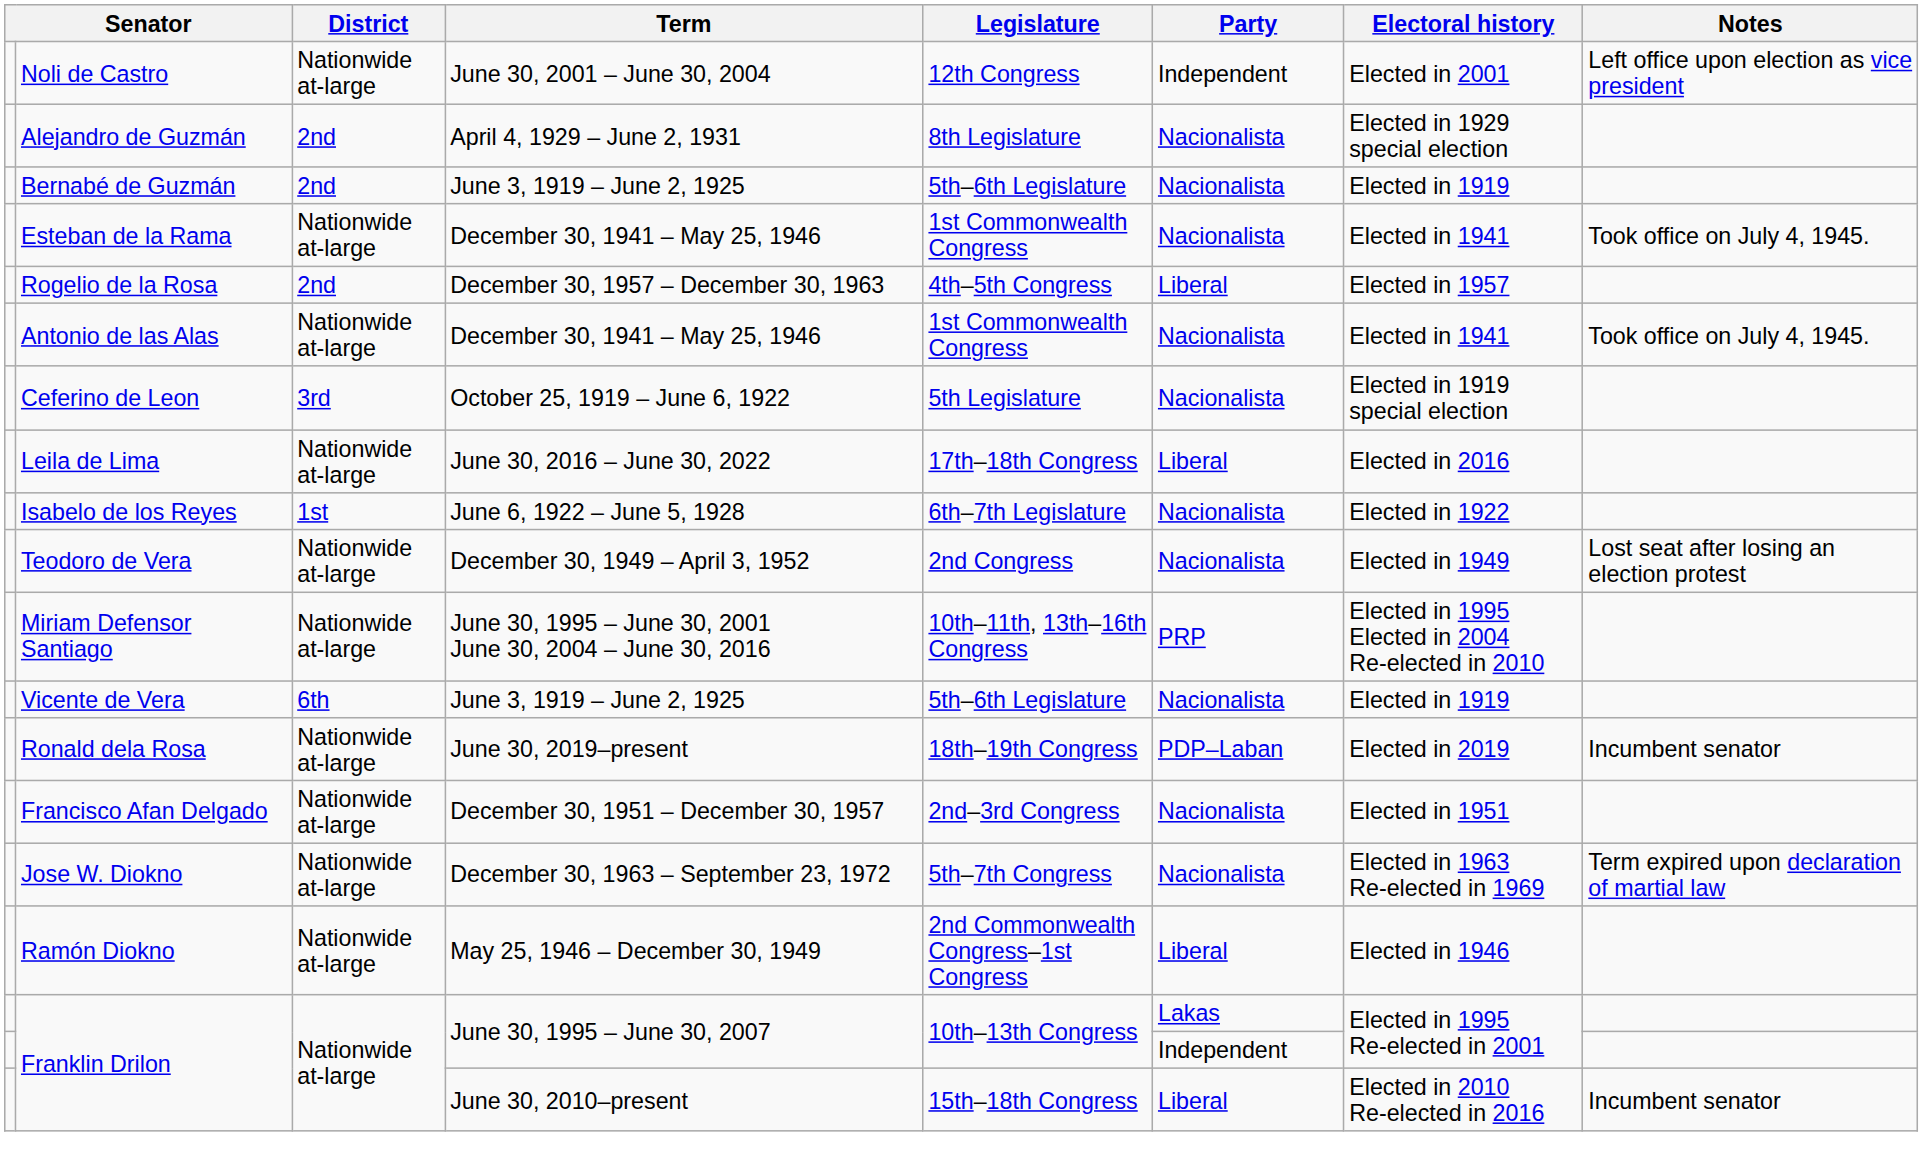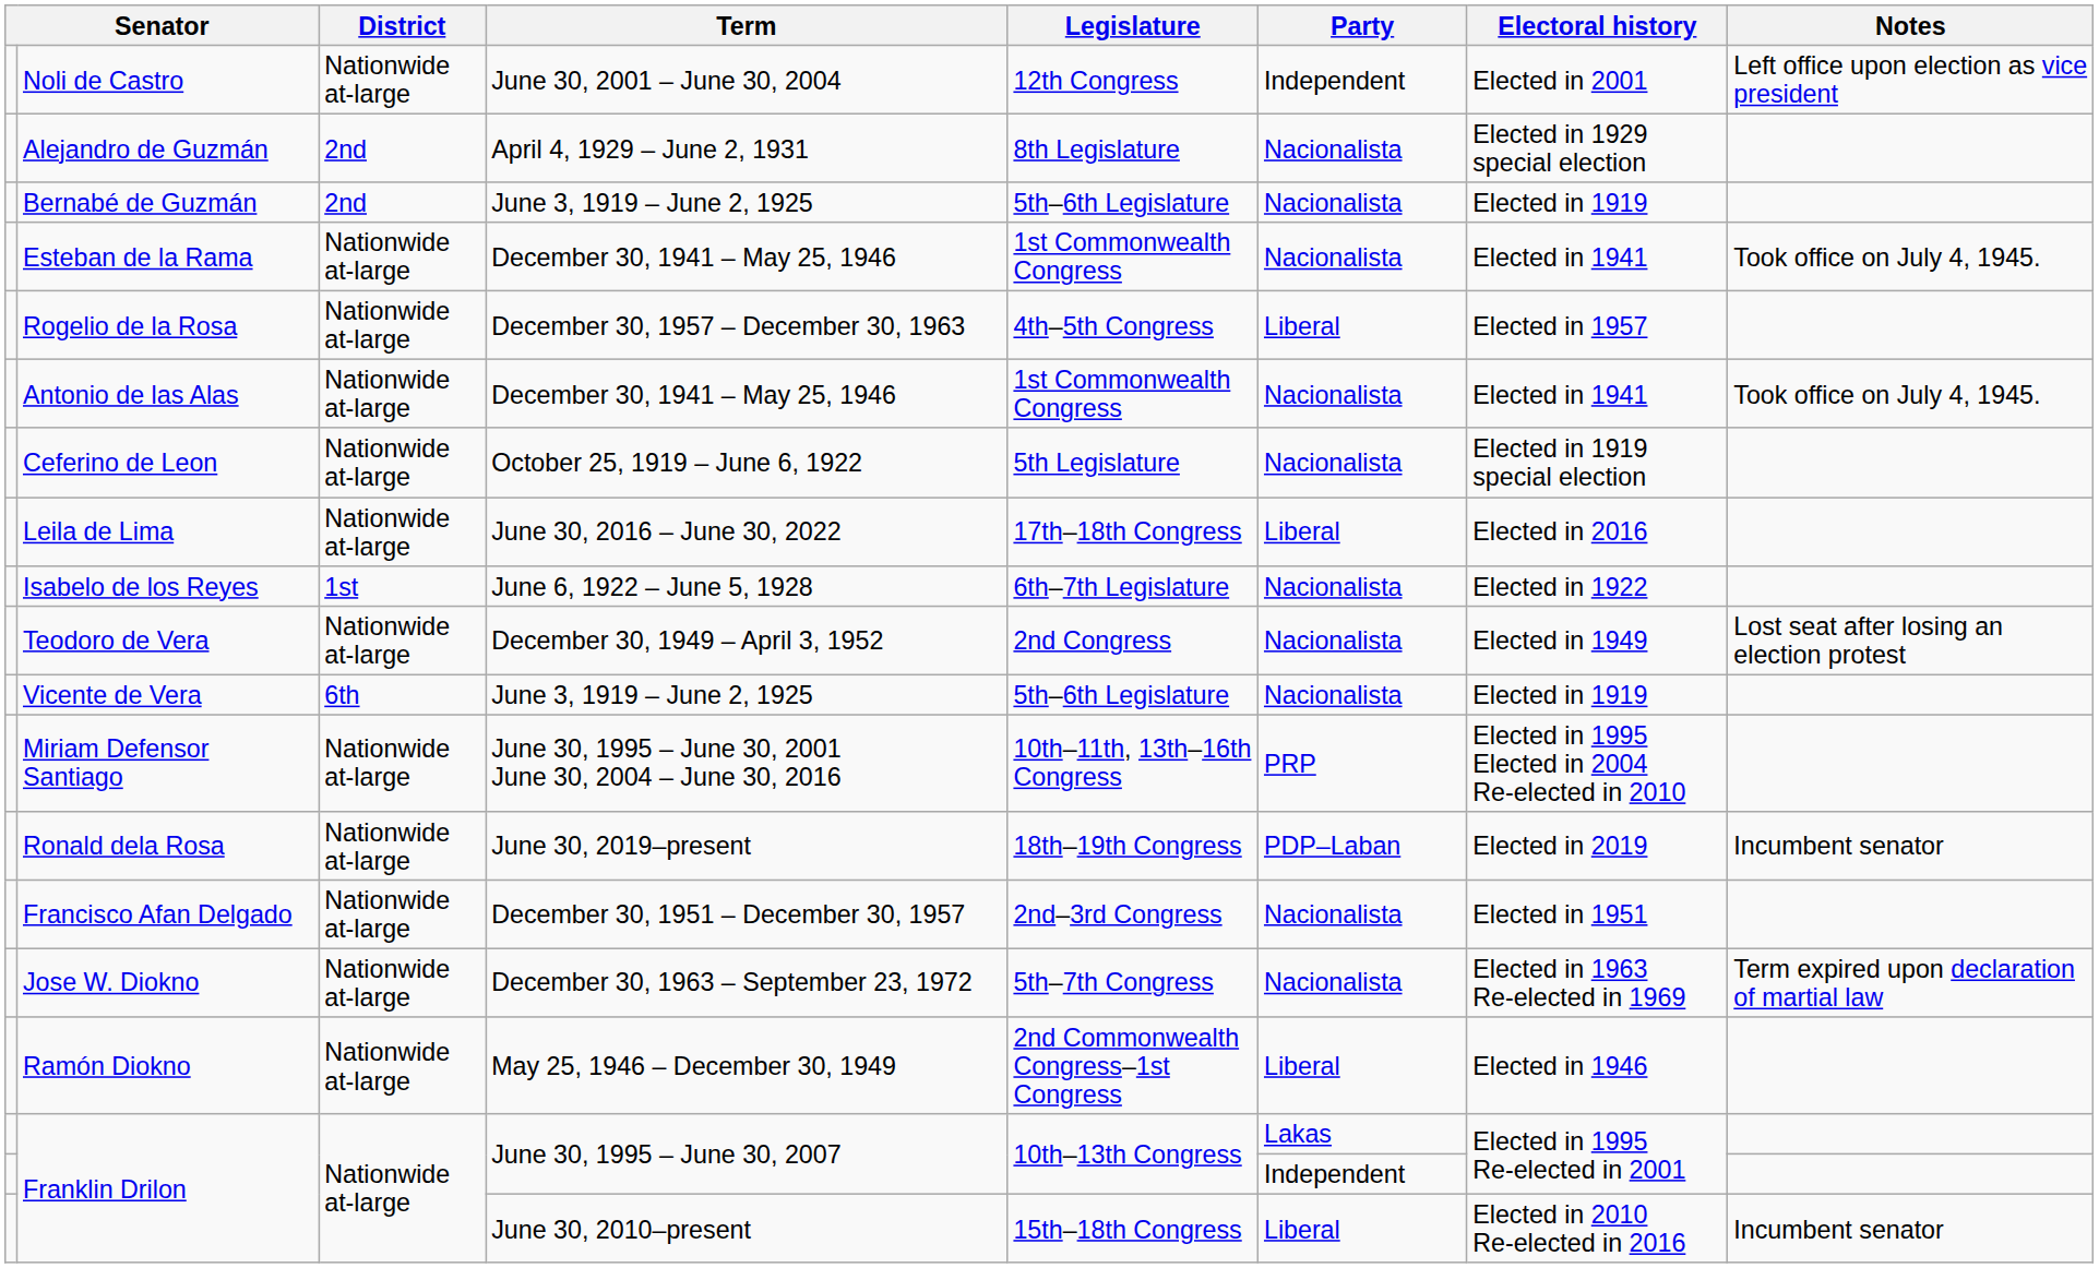 <table class="wikitable" style="font-size:95%" width=99%>
 <tr>
 <th width=15% colspan="2">Senator</th>
 <th width=8%><a href='#'>District</a></th>
 <th width=25%>Term</th>
 <th width=12%><a href='#'>Legislature</a></th>
 <th width=10%><a href='#'>Party</a></th>
 <th width=12.5%><a href='#'>Electoral history</a></th>
 <th width=17.5%>Notes</th>
 </tr>
 <tr>
 <td style="background-color:"></td>
 <td><a href='#'>Noli de Castro</a></td>
 <td>Nationwide at-large</td>
 <td>June 30, 2001 – June 30, 2004</td>
 <td><a href='#'>12th Congress</a></td>
 <td>Independent</td>
 <td>Elected in <a href='#'>2001</a></td>
 <td>Left office upon election as <a href='#'>vice president</a></td>
 </tr>
 <tr>
 <td style="background-color:"></td>
 <td><a href='#'>Alejandro de Guzmán</a></td>
 <td><a href='#'>2nd</a></td>
 <td>April 4, 1929 – June 2, 1931</td>
 <td><a href='#'>8th Legislature</a></td>
 <td><a href='#'>Nacionalista</a></td>
 <td>Elected in 1929 special election</td>
 <td></td>
 </tr>
 <tr>
 <td style="background-color:"></td>
 <td><a href='#'>Bernabé de Guzmán</a></td>
 <td><a href='#'>2nd</a></td>
 <td>June 3, 1919 – June 2, 1925</td>
 <td><a href='#'>5th</a>–<a href='#'>6th Legislature</a></td>
 <td><a href='#'>Nacionalista</a></td>
 <td>Elected in <a href='#'>1919</a></td>
 <td></td>
 </tr>
 <tr>
 <td style="background-color:"></td>
 <td><a href='#'>Esteban de la Rama</a></td>
 <td>Nationwide at-large</td>
 <td>December 30, 1941 – May 25, 1946</td>
 <td><a href='#'>1st Commonwealth Congress</a></td>
 <td><a href='#'>Nacionalista</a></td>
 <td>Elected in <a href='#'>1941</a></td>
 <td>Took office on July 4, 1945.</td>
 </tr>
 <tr>
 <td style="background-color:"></td>
 <td><a href='#'>Rogelio de la Rosa</a></td>
-<td><a href='#'>2nd</a></td>
+<td>Nationwide at-large</td>
 <td>December 30, 1957 – December 30, 1963</td>
 <td><a href='#'>4th</a>–<a href='#'>5th Congress</a></td>
 <td><a href='#'>Liberal</a></td>
 <td>Elected in <a href='#'>1957</a></td>
 <td></td>
 </tr>
 <tr>
 <td style="background-color:"></td>
 <td><a href='#'>Antonio de las Alas</a></td>
 <td>Nationwide at-large</td>
 <td>December 30, 1941 – May 25, 1946</td>
 <td><a href='#'>1st Commonwealth Congress</a></td>
 <td><a href='#'>Nacionalista</a></td>
 <td>Elected in <a href='#'>1941</a></td>
 <td>Took office on July 4, 1945.</td>
 </tr>
 <tr>
 <td style="background-color:"></td>
 <td><a href='#'>Ceferino de Leon</a></td>
-<td><a href='#'>3rd</a></td>
+<td>Nationwide at-large</td>
 <td>October 25, 1919 – June 6, 1922</td>
 <td><a href='#'>5th Legislature</a></td>
 <td><a href='#'>Nacionalista</a></td>
 <td>Elected in 1919 special election</td>
 <td></td>
 </tr>
 <tr>
 <td style="background-color:"></td>
 <td><a href='#'>Leila de Lima</a></td>
 <td>Nationwide at-large</td>
 <td>June 30, 2016 – June 30, 2022</td>
 <td><a href='#'>17th</a>–<a href='#'>18th Congress</a></td>
 <td><a href='#'>Liberal</a></td>
 <td>Elected in <a href='#'>2016</a></td>
 <td></td>
 </tr>
 <tr>
 <td style="background-color:"></td>
 <td><a href='#'>Isabelo de los Reyes</a></td>
 <td><a href='#'>1st</a></td>
 <td>June 6, 1922 – June 5, 1928</td>
 <td><a href='#'>6th</a>–<a href='#'>7th Legislature</a></td>
 <td><a href='#'>Nacionalista</a></td>
 <td>Elected in <a href='#'>1922</a></td>
 <td></td>
 </tr>
 <tr>
 <td style="background-color:"></td>
 <td><a href='#'>Teodoro de Vera</a></td>
 <td>Nationwide at-large</td>
 <td>December 30, 1949 – April 3, 1952</td>
 <td><a href='#'>2nd Congress</a></td>
 <td><a href='#'>Nacionalista</a></td>
 <td>Elected in <a href='#'>1949</a></td>
 <td>Lost seat after losing an election protest</td>
 </tr>
 <tr>
 <td style="background-color:"></td>
+<td><a href='#'>Vicente de Vera</a></td>
+<td><a href='#'>6th</a></td>
+<td>June 3, 1919 – June 2, 1925</td>
+<td><a href='#'>5th</a>–<a href='#'>6th Legislature</a></td>
+<td><a href='#'>Nacionalista</a></td>
+<td>Elected in <a href='#'>1919</a></td>
+<td></td>
+</tr>
+<tr>
+<td style="background-color:"></td>
 <td><a href='#'>Miriam Defensor Santiago</a></td>
 <td>Nationwide at-large</td>
 <td>June 30, 1995 – June 30, 2001<br>June 30, 2004 – June 30, 2016</td>
 <td><a href='#'>10th</a>–<a href='#'>11th</a>, <a href='#'>13th</a>–<a href='#'>16th Congress</a></td>
 <td><a href='#'>PRP</a></td>
 <td>Elected in <a href='#'>1995</a><br>Elected in <a href='#'>2004</a><br>Re-elected in <a href='#'>2010</a></td>
-<td></td>
-</tr>
-<tr>
-<td style="background-color:"></td>
-<td><a href='#'>Vicente de Vera</a></td>
-<td><a href='#'>6th</a></td>
-<td>June 3, 1919 – June 2, 1925</td>
-<td><a href='#'>5th</a>–<a href='#'>6th Legislature</a></td>
-<td><a href='#'>Nacionalista</a></td>
-<td>Elected in <a href='#'>1919</a></td>
 <td></td>
 </tr>
 <tr>
 <td style="background-color:"></td>
 <td><a href='#'>Ronald dela Rosa</a></td>
 <td>Nationwide at-large</td>
 <td>June 30, 2019–present</td>
 <td><a href='#'>18th</a>–<a href='#'>19th Congress</a></td>
 <td><a href='#'>PDP–Laban</a></td>
 <td>Elected in <a href='#'>2019</a></td>
 <td>Incumbent senator</td>
 </tr>
 <tr>
 <td style="background-color:"></td>
 <td><a href='#'>Francisco Afan Delgado</a></td>
 <td>Nationwide at-large</td>
 <td>December 30, 1951 – December 30, 1957</td>
 <td><a href='#'>2nd</a>–<a href='#'>3rd Congress</a></td>
 <td><a href='#'>Nacionalista</a></td>
 <td>Elected in <a href='#'>1951</a></td>
 <td></td>
 </tr>
 <tr>
 <td style="background-color:"></td>
 <td><a href='#'>Jose W. Diokno</a></td>
 <td>Nationwide at-large</td>
 <td>December 30, 1963 – September 23, 1972</td>
 <td><a href='#'>5th</a>–<a href='#'>7th Congress</a></td>
 <td><a href='#'>Nacionalista</a></td>
 <td>Elected in <a href='#'>1963</a><br>Re-elected in <a href='#'>1969</a></td>
 <td>Term expired upon <a href='#'>declaration of martial law</a></td>
 </tr>
 <tr>
 <td style="background-color:"></td>
 <td><a href='#'>Ramón Diokno</a></td>
 <td>Nationwide at-large</td>
 <td>May 25, 1946 – December 30, 1949</td>
 <td><a href='#'>2nd Commonwealth Congress</a>–<a href='#'>1st Congress</a></td>
 <td><a href='#'>Liberal</a></td>
 <td>Elected in <a href='#'>1946</a></td>
 <td></td>
 </tr>
 <tr>
 <td style="background-color:"></td>
 <td rowspan="3"><a href='#'>Franklin Drilon</a></td>
 <td rowspan="3">Nationwide at-large</td>
 <td rowspan="2">June 30, 1995 – June 30, 2007</td>
 <td rowspan="2"><a href='#'>10th</a>–<a href='#'>13th Congress</a></td>
 <td><a href='#'>Lakas</a></td>
 <td rowspan="2">Elected in <a href='#'>1995</a><br>Re-elected in <a href='#'>2001</a></td>
 <td></td>
 </tr>
 <tr>
 <td style="background-color:"></td>
 <td>Independent</td>
 <td></td>
 </tr>
 <tr>
 <td style="background-color:"></td>
 <td>June 30, 2010–present</td>
 <td><a href='#'>15th</a>–<a href='#'>18th Congress</a></td>
 <td><a href='#'>Liberal</a></td>
 <td>Elected in <a href='#'>2010</a><br>Re-elected in <a href='#'>2016</a></td>
 <td>Incumbent senator</td>
 </tr>
 </table>
